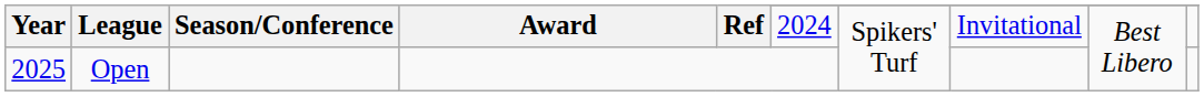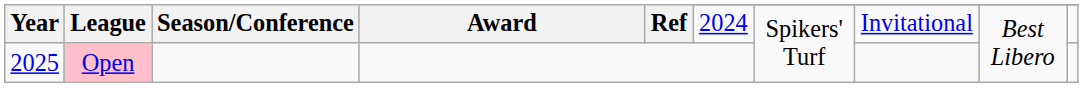 <table class="wikitable sortable" style="text-align:center" width="80%">
 <tr>
 <th style="width:5px;" rowspan="2">Year</th>
 <th style="width:25px;" rowspan="2">League</th>
 <th style="width:100px;" rowspan="2">Season/Conference</th>
 <th style="width:180px;" rowspan="2">Award</th>
 <th style="width:25px;" rowspan="2">Ref</th>
 </tr>
 <tr align=center>
 <td><a href='#'>2024</a></td>
 <td rowspan=2>Spikers' Turf</td>
 <td><a href='#'>Invitational</a></td>
 <td rowspan=2><em>Best Libero</em></td>
 <td></td>
 </tr>
 <tr align=center>
 <td><a href='#'>2025</a></td>
-<td><a href='#'>Open</a></td>
+<td style="background: pink;"><a href='#'>Open</a></td>
 <td></td>
 </tr>
 </table>
